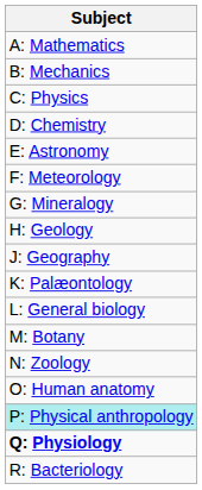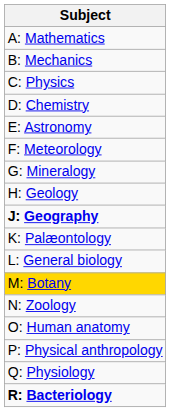 <table class="wikitable">
 <tr>
 <th>Subject</th>
 </tr>
 <tr>
 <td>A: <a href='#'>Mathematics</a></td>
 </tr>
 <tr>
 <td>B: <a href='#'>Mechanics</a></td>
 </tr>
 <tr>
 <td>C: <a href='#'>Physics</a></td>
 </tr>
 <tr>
 <td>D: <a href='#'>Chemistry</a></td>
 </tr>
 <tr>
 <td>E: <a href='#'>Astronomy</a></td>
 </tr>
 <tr>
 <td>F: <a href='#'>Meteorology</a></td>
 </tr>
 <tr>
 <td>G: <a href='#'>Mineralogy</a></td>
 </tr>
 <tr>
 <td>H: <a href='#'>Geology</a></td>
 </tr>
 <tr>
-<td>J: <a href='#'>Geography</a></td>
+<td><strong>J: <a href='#'>Geography</a></strong></td>
 </tr>
 <tr>
 <td>K: <a href='#'>Palæontology</a></td>
 </tr>
 <tr>
 <td>L: <a href='#'>General biology</a></td>
 </tr>
 <tr>
-<td>M: <a href='#'>Botany</a></td>
+<td style="background: gold;">M: <a href='#'>Botany</a></td>
 </tr>
 <tr>
 <td>N: <a href='#'>Zoology</a></td>
 </tr>
 <tr>
 <td>O: <a href='#'>Human anatomy</a></td>
 </tr>
 <tr>
-<td style="background: paleturquoise;">P: <a href='#'>Physical anthropology</a></td>
+<td>P: <a href='#'>Physical anthropology</a></td>
 </tr>
 <tr>
-<td><strong>Q: <a href='#'>Physiology</a></strong></td>
+<td>Q: <a href='#'>Physiology</a></td>
 </tr>
 <tr>
-<td>R: <a href='#'>Bacteriology</a></td>
+<td><strong>R: <a href='#'>Bacteriology</a></strong></td>
 </tr>
 </table>
